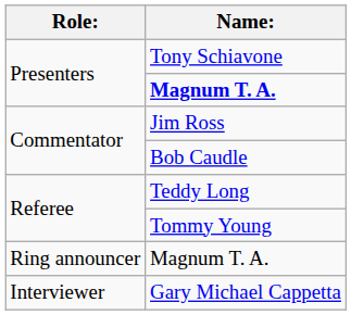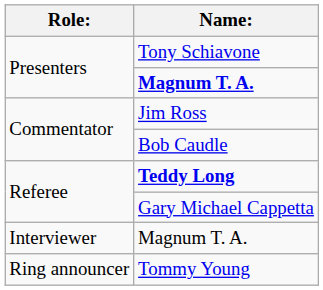 <table class=wikitable style="font-size:90%; margin: 0.5em 0 0.5em 1em; float: right; clear: right;">
 <tr>
 <th>Role:</th>
 <th>Name:</th>
 </tr>
 <tr>
 <td rowspan=2>Presenters</td>
 <td><a href='#'>Tony Schiavone</a></td>
 </tr>
 <tr>
 <td><strong><a href='#'>Magnum T. A.</a></strong></td>
 </tr>
 <tr>
 <td rowspan=2>Commentator</td>
 <td><a href='#'>Jim Ross</a></td>
 </tr>
 <tr>
 <td><a href='#'>Bob Caudle</a></td>
 </tr>
 <tr>
 <td rowspan=2>Referee</td>
-<td><a href='#'>Teddy Long</a></td>
+<td><strong><a href='#'>Teddy Long</a></strong></td>
 </tr>
 <tr>
-<td><a href='#'>Tommy Young</a></td>
+<td><a href='#'>Gary Michael Cappetta</a></td>
+</tr>
+<tr>
+<td rowspan=1>Interviewer</td>
+<td>Magnum T. A.</td>
 </tr>
 <tr>
 <td rowspan=1>Ring announcer</td>
-<td>Magnum T. A.</td>
-</tr>
-<tr>
-<td rowspan=1>Interviewer</td>
-<td><a href='#'>Gary Michael Cappetta</a></td>
+<td><a href='#'>Tommy Young</a></td>
 </tr>
 </table>
